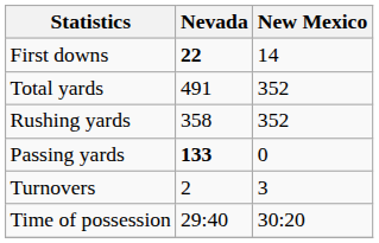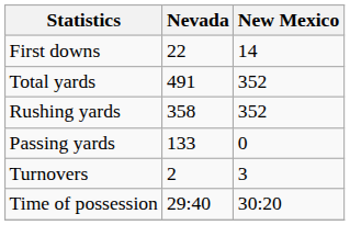 <table class="wikitable">
 <tr>
 <th>Statistics</th>
 <th>Nevada</th>
 <th>New Mexico</th>
 </tr>
 <tr>
 <td>First downs</td>
-<td><strong>22</strong></td>
+<td>22</td>
 <td>14</td>
 </tr>
 <tr>
 <td>Total yards</td>
 <td>491</td>
 <td>352</td>
 </tr>
 <tr>
 <td>Rushing yards</td>
 <td>358</td>
 <td>352</td>
 </tr>
 <tr>
 <td>Passing yards</td>
-<td><strong>133</strong></td>
+<td>133</td>
 <td>0</td>
 </tr>
 <tr>
 <td>Turnovers</td>
 <td>2</td>
 <td>3</td>
 </tr>
 <tr>
 <td>Time of possession</td>
 <td>29:40</td>
 <td>30:20</td>
 </tr>
 <tr>
 </tr>
 </table>
